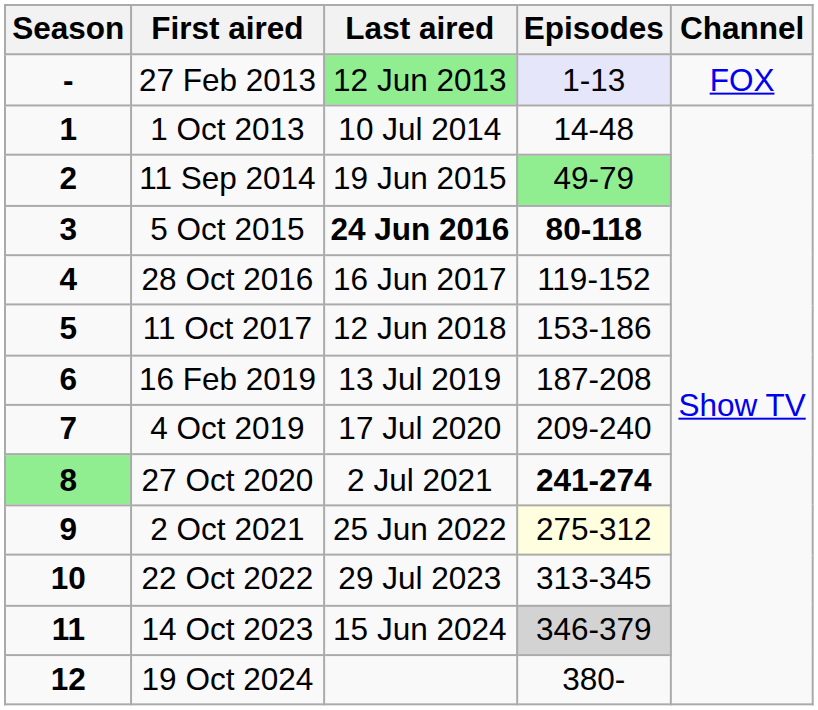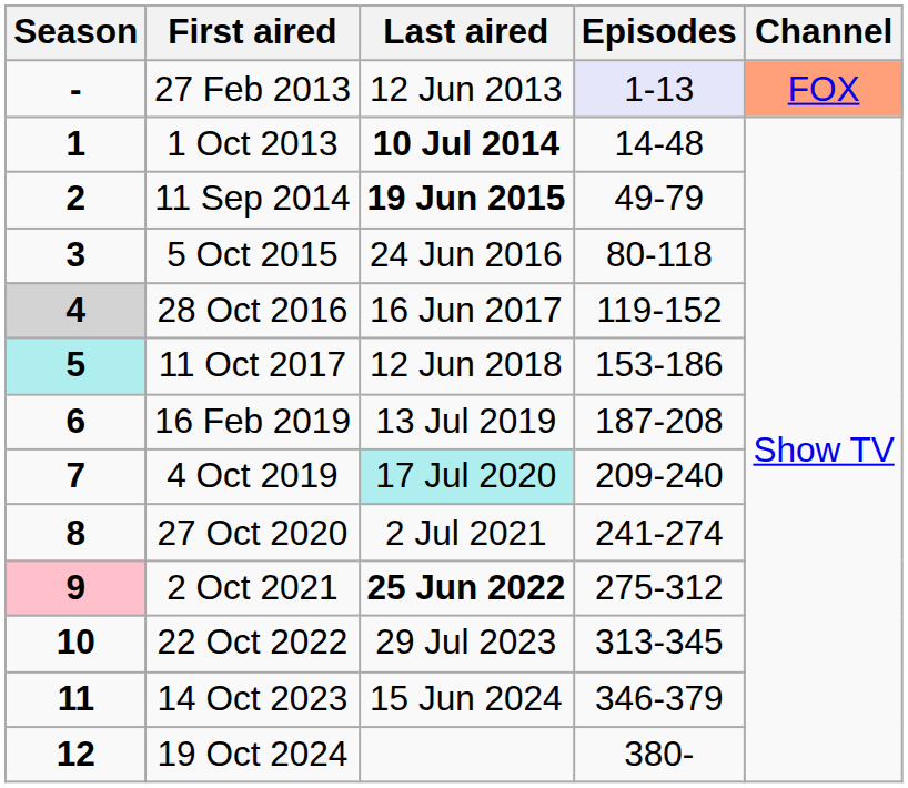 <table class="wikitable" style="text-align:center">
 <tr>
 <th>Season</th>
 <th>First aired</th>
 <th>Last aired</th>
 <th>Episodes</th>
 <th>Channel</th>
 </tr>
 <tr>
 <td><strong>-</strong></td>
 <td>27 Feb 2013</td>
-<td style="background: lightgreen;">12 Jun 2013</td>
+<td>12 Jun 2013</td>
 <td style="background: lavender;">1-13</td>
-<td><a href='#'>FOX</a></td>
+<td style="background: lightsalmon;"><a href='#'>FOX</a></td>
 </tr>
 <tr>
 <td><strong>1</strong></td>
 <td>1 Oct 2013</td>
-<td>10 Jul 2014</td>
+<td><strong>10 Jul 2014</strong></td>
 <td>14-48</td>
 <td rowspan="12"><a href='#'>Show TV</a></td>
 </tr>
 <tr>
 <td><strong>2</strong></td>
 <td>11 Sep 2014</td>
-<td>19 Jun 2015</td>
-<td style="background: lightgreen;">49-79</td>
+<td><strong>19 Jun 2015</strong></td>
+<td>49-79</td>
 </tr>
 <tr>
 <td><strong>3</strong></td>
 <td>5 Oct 2015</td>
-<td><strong>24 Jun 2016</strong></td>
-<td><strong>80-118</strong></td>
+<td>24 Jun 2016</td>
+<td>80-118</td>
 </tr>
 <tr>
-<td><strong>4</strong></td>
+<td style="background: lightgrey;"><strong>4</strong></td>
 <td>28 Oct 2016</td>
 <td>16 Jun 2017</td>
 <td>119-152</td>
 </tr>
 <tr>
-<td><strong>5</strong></td>
+<td style="background: paleturquoise;"><strong>5</strong></td>
 <td>11 Oct 2017</td>
 <td>12 Jun 2018</td>
 <td>153-186</td>
 </tr>
 <tr>
 <td><strong>6</strong></td>
 <td>16 Feb 2019</td>
 <td>13 Jul 2019</td>
 <td>187-208</td>
 </tr>
 <tr>
 <td><strong>7</strong></td>
 <td>4 Oct 2019</td>
-<td>17 Jul 2020</td>
+<td style="background: paleturquoise;">17 Jul 2020</td>
 <td>209-240</td>
 </tr>
 <tr>
-<td style="background: lightgreen;"><strong>8</strong></td>
+<td><strong>8</strong></td>
 <td>27 Oct 2020</td>
 <td>2 Jul 2021</td>
-<td><strong>241-274</strong></td>
+<td>241-274</td>
 </tr>
 <tr>
-<td><strong>9</strong></td>
+<td style="background: pink;"><strong>9</strong></td>
 <td>2 Oct 2021</td>
-<td>25 Jun 2022</td>
-<td style="background: lightyellow;">275-312</td>
+<td><strong>25 Jun 2022</strong></td>
+<td>275-312</td>
 </tr>
 <tr>
 <td><strong>10</strong></td>
 <td>22 Oct 2022</td>
 <td>29 Jul 2023</td>
 <td>313-345</td>
 </tr>
 <tr>
 <td><strong>11</strong></td>
 <td>14 Oct 2023</td>
 <td>15 Jun 2024</td>
-<td style="background: lightgrey;">346-379</td>
+<td>346-379</td>
 </tr>
 <tr>
 <td><strong>12</strong></td>
 <td>19 Oct 2024</td>
 <td></td>
 <td>380-</td>
 </tr>
 </table>
